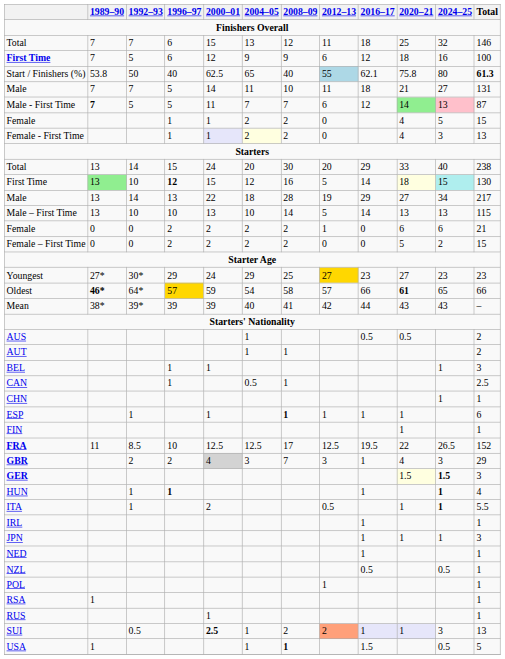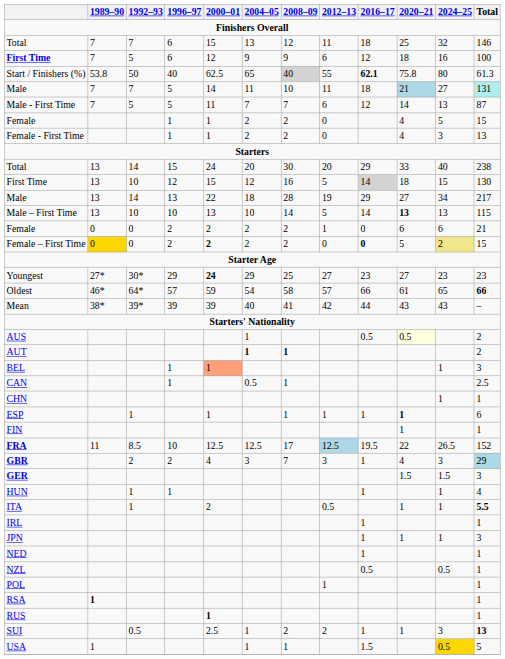 <table class="wikitable">
 <tr>
 <th></th>
 <th><a href='#'>1989–90</a></th>
 <th><a href='#'>1992–93</a></th>
 <th><a href='#'>1996–97</a></th>
 <th><a href='#'>2000–01</a></th>
 <th><a href='#'>2004–05</a></th>
 <th><a href='#'>2008–09</a></th>
 <th><a href='#'>2012–13</a></th>
 <th><a href='#'>2016–17</a></th>
 <th><a href='#'>2020–21</a></th>
 <th><a href='#'>2024–25</a></th>
 <th>Total</th>
 </tr>
 <tr>
 <td colspan=13 style="text-align:center;"><strong>Finishers Overall</strong></td>
 </tr>
 <tr>
 <td>Total</td>
 <td>7</td>
 <td>7</td>
 <td>6</td>
 <td>15</td>
 <td>13</td>
 <td>12</td>
 <td>11</td>
 <td>18</td>
 <td>25</td>
 <td>32</td>
 <td>146</td>
 </tr>
 <tr>
 <td><strong><a href='#'>First Time</a></strong></td>
 <td>7</td>
 <td>5</td>
 <td>6</td>
 <td>12</td>
 <td>9</td>
 <td>9</td>
 <td>6</td>
 <td>12</td>
 <td>18</td>
 <td>16</td>
 <td>100</td>
 </tr>
 <tr>
 <td>Start / Finishers (%)</td>
 <td>53.8</td>
 <td>50</td>
 <td>40</td>
 <td>62.5</td>
 <td>65</td>
-<td>40</td>
-<td style="background: lightblue;">55</td>
-<td>62.1</td>
+<td style="background: lightgrey;">40</td>
+<td>55</td>
+<td><strong>62.1</strong></td>
 <td>75.8</td>
 <td>80</td>
-<td><strong>61.3</strong></td>
+<td>61.3</td>
 </tr>
 <tr>
 <td>Male</td>
 <td>7</td>
 <td>7</td>
 <td>5</td>
 <td>14</td>
 <td>11</td>
 <td>10</td>
 <td>11</td>
 <td>18</td>
-<td>21</td>
+<td style="background: lightblue;">21</td>
 <td>27</td>
-<td>131</td>
+<td style="background: paleturquoise;">131</td>
 </tr>
 <tr>
 <td>Male - First Time</td>
-<td><strong>7</strong></td>
+<td>7</td>
 <td>5</td>
 <td>5</td>
 <td>11</td>
 <td>7</td>
 <td>7</td>
 <td>6</td>
 <td>12</td>
-<td style="background: lightgreen;">14</td>
-<td style="background: pink;">13</td>
+<td>14</td>
+<td>13</td>
 <td>87</td>
 </tr>
 <tr>
 <td>Female</td>
 <td></td>
 <td></td>
 <td>1</td>
 <td>1</td>
 <td>2</td>
 <td>2</td>
 <td>0</td>
 <td></td>
 <td>4</td>
 <td>5</td>
 <td>15</td>
 </tr>
 <tr>
 <td>Female - First Time</td>
 <td></td>
 <td></td>
 <td>1</td>
-<td style="background: lavender;">1</td>
-<td style="background: lightyellow;">2</td>
+<td>1</td>
+<td>2</td>
 <td>2</td>
 <td>0</td>
 <td></td>
 <td>4</td>
 <td>3</td>
 <td>13</td>
 </tr>
 <tr>
 <td colspan=13 style="text-align:center;"><strong>Starters</strong></td>
 </tr>
 <tr>
 <td>Total</td>
 <td>13</td>
 <td>14</td>
 <td>15</td>
 <td>24</td>
 <td>20</td>
 <td>30</td>
 <td>20</td>
 <td>29</td>
 <td>33</td>
 <td>40</td>
 <td>238</td>
 </tr>
 <tr>
 <td>First Time</td>
-<td style="background: lightgreen;">13</td>
+<td>13</td>
 <td>10</td>
-<td><strong>12</strong></td>
+<td>12</td>
 <td>15</td>
 <td>12</td>
 <td>16</td>
 <td>5</td>
-<td>14</td>
-<td style="background: lightyellow;">18</td>
-<td style="background: paleturquoise;">15</td>
+<td style="background: lightgrey;">14</td>
+<td>18</td>
+<td>15</td>
 <td>130</td>
 </tr>
 <tr>
 <td>Male</td>
 <td>13</td>
 <td>14</td>
 <td>13</td>
 <td>22</td>
 <td>18</td>
 <td>28</td>
 <td>19</td>
 <td>29</td>
 <td>27</td>
 <td>34</td>
 <td>217</td>
 </tr>
 <tr>
 <td>Male – First Time</td>
 <td>13</td>
 <td>10</td>
 <td>10</td>
 <td>13</td>
 <td>10</td>
 <td>14</td>
 <td>5</td>
 <td>14</td>
-<td>13</td>
+<td><strong>13</strong></td>
 <td>13</td>
 <td>115</td>
 </tr>
 <tr>
 <td>Female</td>
 <td>0</td>
 <td>0</td>
 <td>2</td>
 <td>2</td>
 <td>2</td>
 <td>2</td>
 <td>1</td>
 <td>0</td>
 <td>6</td>
 <td>6</td>
 <td>21</td>
 </tr>
 <tr>
 <td>Female – First Time</td>
-<td>0</td>
+<td style="background: gold;">0</td>
 <td>0</td>
 <td>2</td>
-<td>2</td>
+<td><strong>2</strong></td>
 <td>2</td>
 <td>2</td>
 <td>0</td>
-<td>0</td>
+<td><strong>0</strong></td>
 <td>5</td>
-<td>2</td>
+<td style="background: khaki;">2</td>
 <td>15</td>
 </tr>
 <tr>
 <td colspan=13 style="text-align:center;"><strong>Starter Age</strong></td>
 </tr>
 <tr>
 <td>Youngest</td>
 <td>27*</td>
 <td>30*</td>
 <td>29</td>
-<td>24</td>
+<td><strong>24</strong></td>
 <td>29</td>
 <td>25</td>
-<td style="background: gold;">27</td>
+<td>27</td>
 <td>23</td>
 <td>27</td>
 <td>23</td>
 <td>23</td>
 </tr>
 <tr>
 <td>Oldest</td>
-<td><strong>46*</strong></td>
+<td>46*</td>
 <td>64*</td>
-<td style="background: gold;">57</td>
+<td>57</td>
 <td>59</td>
 <td>54</td>
 <td>58</td>
 <td>57</td>
 <td>66</td>
-<td><strong>61</strong></td>
+<td>61</td>
 <td>65</td>
-<td>66</td>
+<td><strong>66</strong></td>
 </tr>
 <tr>
 <td>Mean</td>
 <td>38*</td>
 <td>39*</td>
 <td>39</td>
 <td>39</td>
 <td>40</td>
 <td>41</td>
 <td>42</td>
 <td>44</td>
 <td>43</td>
 <td>43</td>
 <td>–</td>
 </tr>
 <tr>
 <td colspan=13 style="text-align:center;"><strong>Starters' Nationality</strong></td>
 </tr>
 <tr>
 <td><a href='#'>AUS</a></td>
 <td></td>
 <td></td>
 <td></td>
 <td></td>
 <td>1</td>
 <td></td>
 <td></td>
 <td>0.5</td>
-<td>0.5</td>
+<td style="background: lightyellow;">0.5</td>
 <td></td>
 <td>2</td>
 </tr>
 <tr>
 <td><a href='#'>AUT</a></td>
 <td></td>
 <td></td>
 <td></td>
 <td></td>
-<td>1</td>
-<td>1</td>
+<td><strong>1</strong></td>
+<td><strong>1</strong></td>
 <td></td>
 <td></td>
 <td></td>
 <td></td>
 <td>2</td>
 </tr>
 <tr>
 <td><a href='#'>BEL</a></td>
 <td></td>
 <td></td>
 <td>1</td>
-<td>1</td>
+<td style="background: lightsalmon;">1</td>
 <td></td>
 <td></td>
 <td></td>
 <td></td>
 <td></td>
 <td>1</td>
 <td>3</td>
 </tr>
 <tr>
 <td><a href='#'>CAN</a></td>
 <td></td>
 <td></td>
 <td>1</td>
 <td></td>
 <td>0.5</td>
 <td>1</td>
 <td></td>
 <td></td>
 <td></td>
 <td></td>
 <td>2.5</td>
 </tr>
 <tr>
 <td><a href='#'>CHN</a></td>
 <td></td>
 <td></td>
 <td></td>
 <td></td>
 <td></td>
 <td></td>
 <td></td>
 <td></td>
 <td></td>
 <td>1</td>
 <td>1</td>
 </tr>
 <tr>
 <td><a href='#'>ESP</a></td>
 <td></td>
 <td>1</td>
 <td></td>
 <td>1</td>
 <td></td>
-<td><strong>1</strong></td>
 <td>1</td>
 <td>1</td>
 <td>1</td>
+<td><strong>1</strong></td>
 <td></td>
 <td>6</td>
 </tr>
 <tr>
 <td><a href='#'>FIN</a></td>
 <td></td>
 <td></td>
 <td></td>
 <td></td>
 <td></td>
 <td></td>
 <td></td>
 <td></td>
 <td>1</td>
 <td></td>
 <td>1</td>
 </tr>
 <tr>
 <td><strong><a href='#'>FRA</a></strong></td>
 <td>11</td>
 <td>8.5</td>
 <td>10</td>
 <td>12.5</td>
 <td>12.5</td>
 <td>17</td>
-<td>12.5</td>
+<td style="background: lightblue;">12.5</td>
 <td>19.5</td>
 <td>22</td>
 <td>26.5</td>
 <td>152</td>
 </tr>
 <tr>
 <td><strong><a href='#'>GBR</a></strong></td>
 <td></td>
 <td>2</td>
 <td>2</td>
-<td style="background: lightgrey;">4</td>
+<td>4</td>
 <td>3</td>
 <td>7</td>
 <td>3</td>
 <td>1</td>
 <td>4</td>
 <td>3</td>
-<td>29</td>
+<td style="background: lightblue;">29</td>
 </tr>
 <tr>
 <td><strong><a href='#'>GER</a></strong></td>
 <td></td>
 <td></td>
 <td></td>
 <td></td>
 <td></td>
 <td></td>
 <td></td>
 <td></td>
-<td style="background: lightyellow;">1.5</td>
-<td><strong>1.5</strong></td>
+<td>1.5</td>
+<td>1.5</td>
 <td>3</td>
 </tr>
 <tr>
 <td><a href='#'>HUN</a></td>
 <td></td>
 <td>1</td>
-<td><strong>1</strong></td>
+<td>1</td>
 <td></td>
 <td></td>
 <td></td>
 <td></td>
 <td>1</td>
 <td></td>
-<td><strong>1</strong></td>
+<td>1</td>
 <td>4</td>
 </tr>
 <tr>
 <td><a href='#'>ITA</a></td>
 <td></td>
 <td>1</td>
 <td></td>
 <td>2</td>
 <td></td>
 <td></td>
 <td>0.5</td>
 <td></td>
 <td>1</td>
-<td><strong>1</strong></td>
-<td>5.5</td>
+<td>1</td>
+<td><strong>5.5</strong></td>
 </tr>
 <tr>
 <td><a href='#'>IRL</a></td>
 <td></td>
 <td></td>
 <td></td>
 <td></td>
 <td></td>
 <td></td>
 <td></td>
 <td>1</td>
 <td></td>
 <td></td>
 <td>1</td>
 </tr>
 <tr>
 <td><a href='#'>JPN</a></td>
 <td></td>
 <td></td>
 <td></td>
 <td></td>
 <td></td>
 <td></td>
 <td></td>
 <td>1</td>
 <td>1</td>
 <td>1</td>
 <td>3</td>
 </tr>
 <tr>
 <td><a href='#'>NED</a></td>
 <td></td>
 <td></td>
 <td></td>
 <td></td>
 <td></td>
 <td></td>
 <td></td>
 <td>1</td>
 <td></td>
 <td></td>
 <td>1</td>
 </tr>
 <tr>
 <td><a href='#'>NZL</a></td>
 <td></td>
 <td></td>
 <td></td>
 <td></td>
 <td></td>
 <td></td>
 <td></td>
 <td>0.5</td>
 <td></td>
 <td>0.5</td>
 <td>1</td>
 </tr>
 <tr>
 <td><a href='#'>POL</a></td>
 <td></td>
 <td></td>
 <td></td>
 <td></td>
 <td></td>
 <td></td>
 <td>1</td>
 <td></td>
 <td></td>
 <td></td>
 <td>1</td>
 </tr>
 <tr>
 <td><a href='#'>RSA</a></td>
-<td>1</td>
+<td><strong>1</strong></td>
 <td></td>
 <td></td>
 <td></td>
 <td></td>
 <td></td>
 <td></td>
 <td></td>
 <td></td>
 <td></td>
 <td>1</td>
 </tr>
 <tr>
 <td><a href='#'>RUS</a></td>
 <td></td>
 <td></td>
 <td></td>
-<td>1</td>
+<td><strong>1</strong></td>
 <td></td>
 <td></td>
 <td></td>
 <td></td>
 <td></td>
 <td></td>
 <td>1</td>
 </tr>
 <tr>
 <td><a href='#'>SUI</a></td>
 <td></td>
 <td>0.5</td>
 <td></td>
-<td><strong>2.5</strong></td>
+<td>2.5</td>
 <td>1</td>
 <td>2</td>
-<td style="background: lightsalmon;">2</td>
-<td style="background: lavender;">1</td>
-<td style="background: lavender;">1</td>
+<td>2</td>
+<td>1</td>
+<td>1</td>
 <td>3</td>
-<td>13</td>
+<td><strong>13</strong></td>
 </tr>
 <tr>
 <td><a href='#'>USA</a></td>
 <td>1</td>
 <td></td>
 <td></td>
 <td></td>
 <td>1</td>
-<td><strong>1</strong></td>
+<td>1</td>
 <td></td>
 <td>1.5</td>
 <td></td>
-<td>0.5</td>
+<td style="background: gold;">0.5</td>
 <td>5</td>
 </tr>
 <tr>
 </tr>
 </table>
